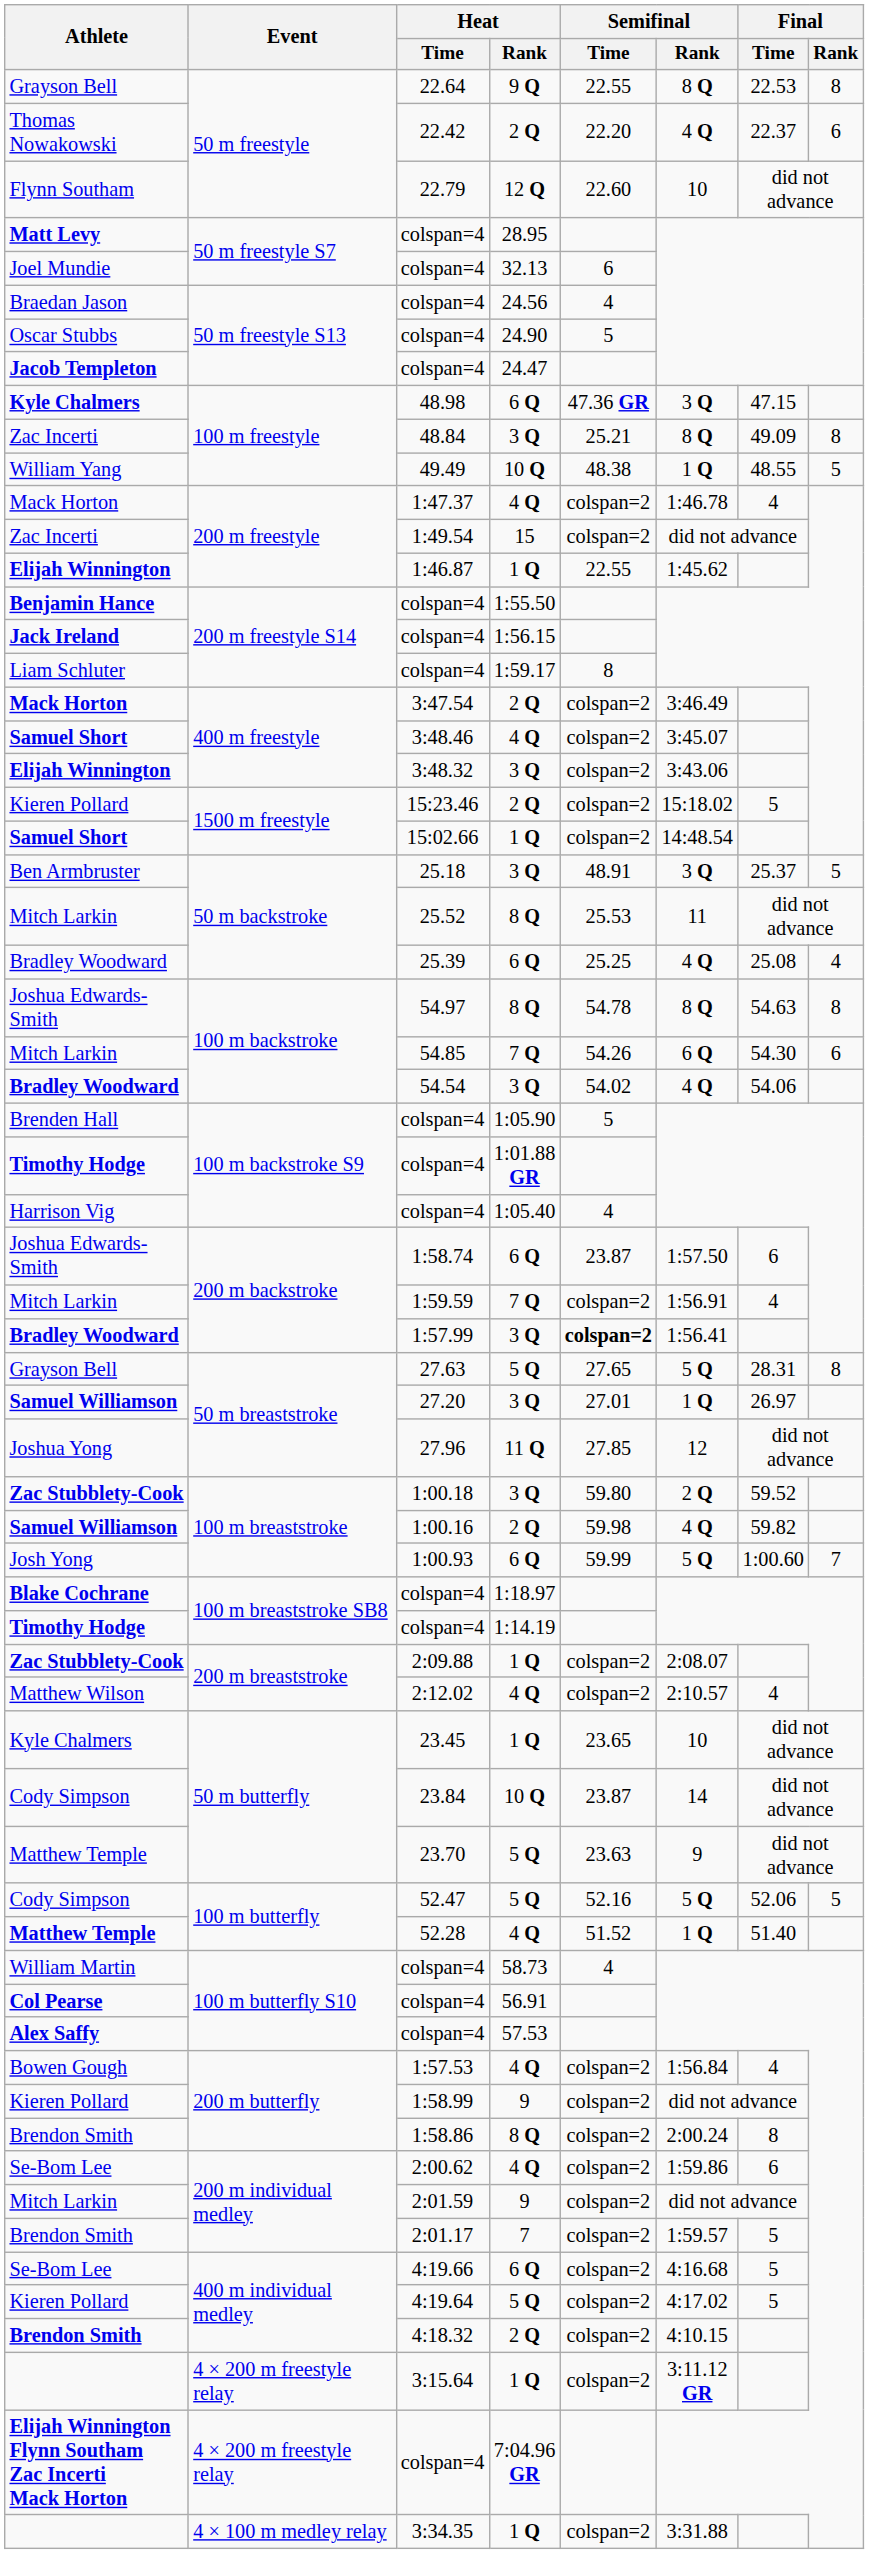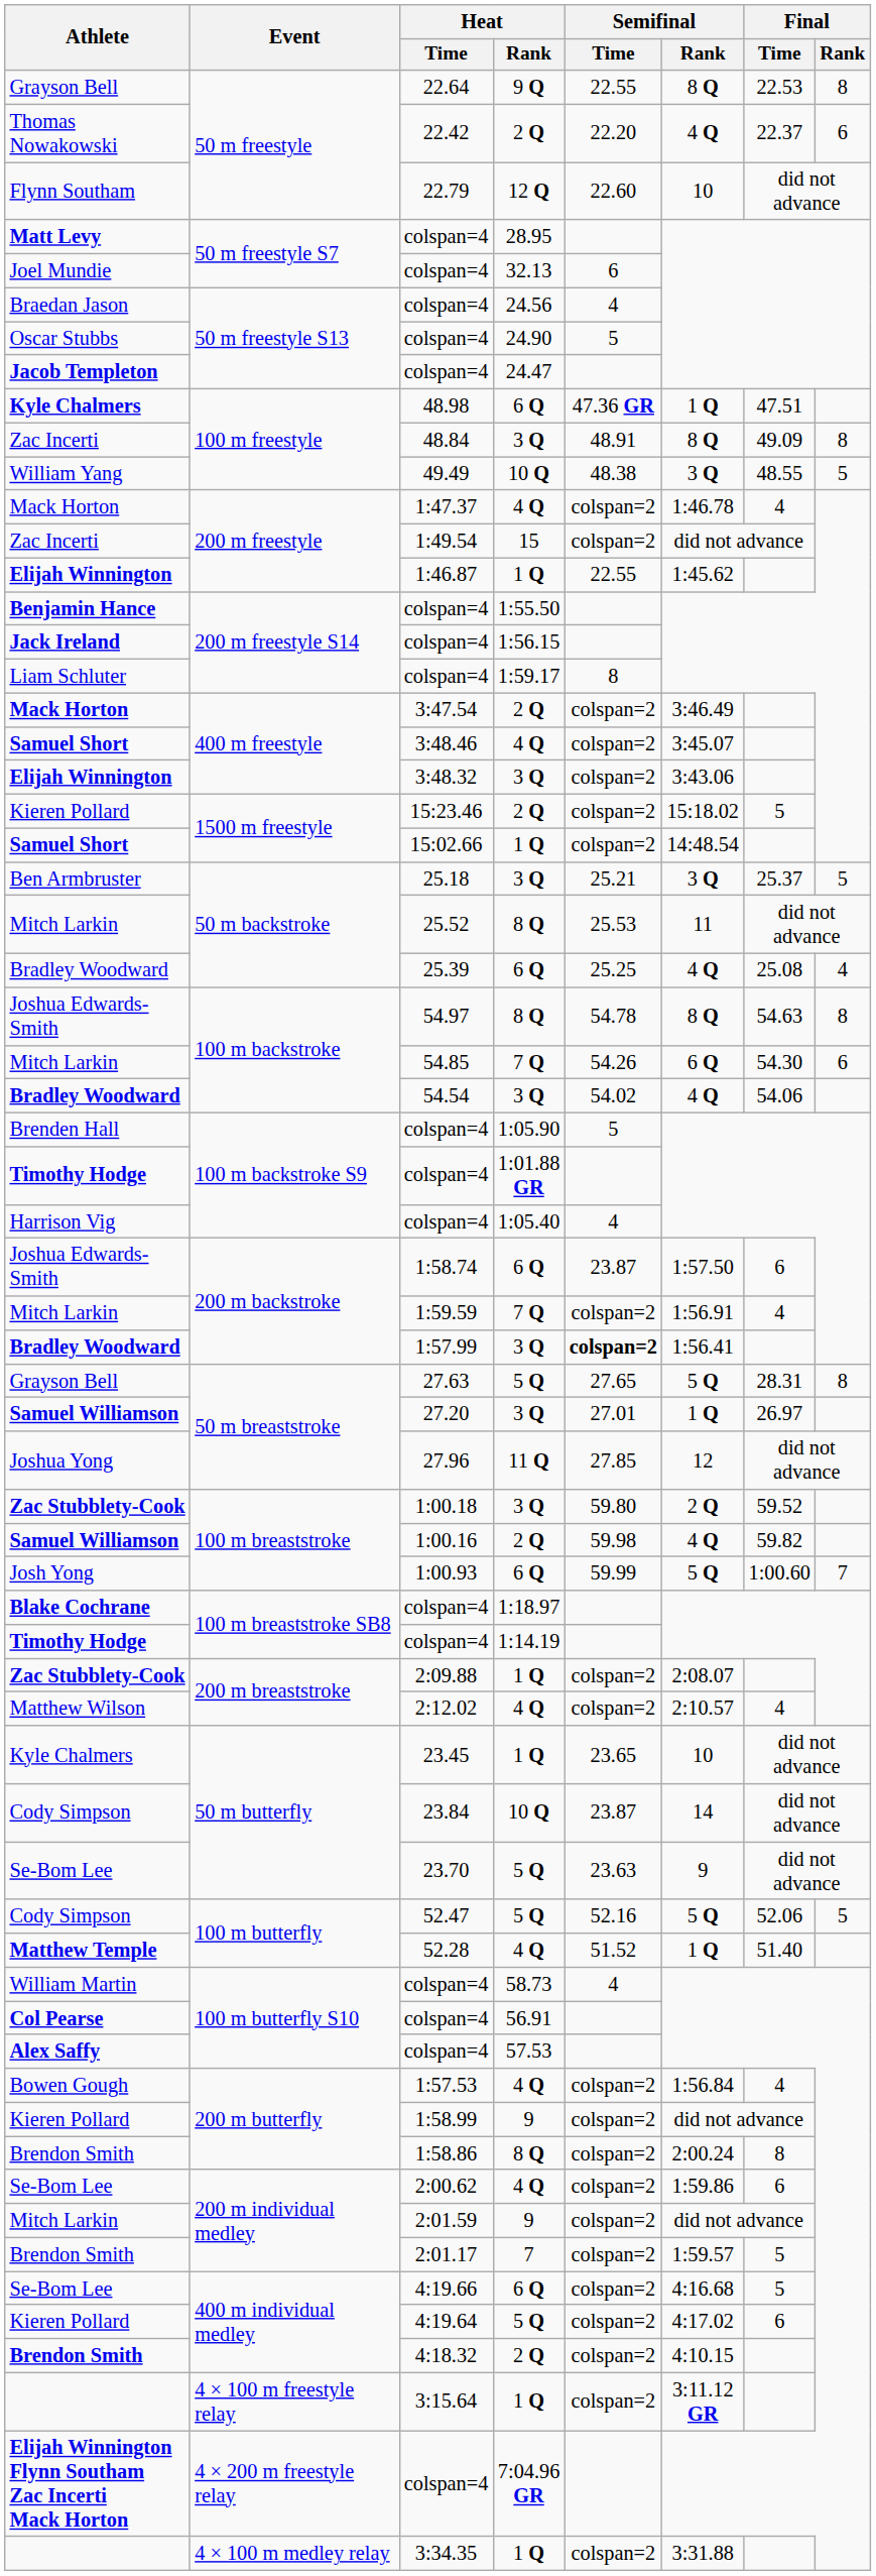 <table class=wikitable style=font-size:90%>
 <tr>
 <th rowspan=2 width=130>Athlete</th>
 <th rowspan=2 width=150>Event</th>
 <th colspan=2>Heat</th>
 <th colspan=2>Semifinal</th>
 <th colspan=2>Final</th>
 </tr>
 <tr style=font-size:95%>
 <th>Time</th>
 <th>Rank</th>
 <th>Time</th>
 <th>Rank</th>
 <th>Time</th>
 <th>Rank</th>
 </tr>
 <tr align=center>
 <td align=left><a href='#'>Grayson Bell</a></td>
 <td style="text-align:left;" rowspan="3"><a href='#'>50 m freestyle</a></td>
 <td>22.64</td>
 <td>9 <strong>Q</strong></td>
 <td>22.55</td>
 <td>8 <strong>Q</strong></td>
 <td>22.53</td>
 <td>8</td>
 </tr>
 <tr align=center>
 <td align=left><a href='#'>Thomas Nowakowski</a></td>
 <td>22.42</td>
 <td>2 <strong>Q</strong></td>
 <td>22.20</td>
 <td>4 <strong>Q</strong></td>
 <td>22.37</td>
 <td>6</td>
 </tr>
 <tr align=center>
 <td align=left><a href='#'>Flynn Southam</a></td>
 <td>22.79</td>
 <td>12 <strong>Q</strong></td>
 <td>22.60</td>
 <td>10</td>
 <td colspan=2>did not advance</td>
 </tr>
 <tr align=center>
 <td align=left><strong><a href='#'>Matt Levy</a></strong></td>
 <td style="text-align:left;" rowspan="2"><a href='#'>50 m freestyle S7</a></td>
 <td>colspan=4 </td>
 <td>28.95</td>
 <td></td>
 </tr>
 <tr align=center>
 <td align=left><a href='#'>Joel Mundie</a></td>
 <td>colspan=4 </td>
 <td>32.13</td>
 <td>6</td>
 </tr>
 <tr align=center>
 <td align=left><a href='#'>Braedan Jason</a></td>
 <td style="text-align:left;" rowspan="3"><a href='#'>50 m freestyle S13</a></td>
 <td>colspan=4 </td>
 <td>24.56</td>
 <td>4</td>
 </tr>
 <tr align=center>
 <td align=left><a href='#'>Oscar Stubbs</a></td>
 <td>colspan=4 </td>
 <td>24.90</td>
 <td>5</td>
 </tr>
 <tr align=center>
 <td align=left><strong><a href='#'>Jacob Templeton</a></strong></td>
 <td>colspan=4 </td>
 <td>24.47</td>
 <td></td>
 </tr>
 <tr align=center>
 <td align=left><strong><a href='#'>Kyle Chalmers</a></strong></td>
 <td style="text-align:left;" rowspan="3"><a href='#'>100 m freestyle</a></td>
 <td>48.98</td>
 <td>6 <strong>Q</strong></td>
 <td>47.36 <a href='#'><strong>GR</strong></a></td>
-<td>3 <strong>Q</strong></td>
-<td>47.15</td>
+<td>1 <strong>Q</strong></td>
+<td>47.51</td>
 <td></td>
 </tr>
 <tr align=center>
 <td align=left><a href='#'>Zac Incerti</a></td>
 <td>48.84</td>
 <td>3 <strong>Q</strong></td>
-<td>25.21</td>
+<td>48.91</td>
 <td>8 <strong>Q</strong></td>
 <td>49.09</td>
 <td>8</td>
 </tr>
 <tr align=center>
 <td align=left><a href='#'>William Yang</a></td>
 <td>49.49</td>
 <td>10 <strong>Q</strong></td>
 <td>48.38</td>
-<td>1 <strong>Q</strong></td>
+<td>3 <strong>Q</strong></td>
 <td>48.55</td>
 <td>5</td>
 </tr>
 <tr align=center>
 <td align=left><a href='#'>Mack Horton</a></td>
 <td style="text-align:left;" rowspan="3"><a href='#'>200 m freestyle</a></td>
 <td>1:47.37</td>
 <td>4 <strong>Q</strong></td>
 <td>colspan=2 </td>
 <td>1:46.78</td>
 <td>4</td>
 </tr>
 <tr align=center>
 <td align=left><a href='#'>Zac Incerti</a></td>
 <td>1:49.54</td>
 <td>15</td>
 <td>colspan=2 </td>
 <td colspan=2>did not advance</td>
 </tr>
 <tr align=center>
 <td align=left><strong><a href='#'>Elijah Winnington</a></strong></td>
 <td>1:46.87</td>
 <td>1 <strong>Q</strong></td>
 <td>22.55</td>
 <td>1:45.62</td>
 <td></td>
 </tr>
 <tr align=center>
 <td align=left><strong><a href='#'>Benjamin Hance</a></strong></td>
 <td style="text-align:left;" rowspan="3"><a href='#'>200 m freestyle S14</a></td>
 <td>colspan=4 </td>
 <td>1:55.50</td>
 <td></td>
 </tr>
 <tr align=center>
 <td align=left><strong><a href='#'>Jack Ireland</a></strong></td>
 <td>colspan=4 </td>
 <td>1:56.15</td>
 <td></td>
 </tr>
 <tr align=center>
 <td align=left><a href='#'>Liam Schluter</a></td>
 <td>colspan=4 </td>
 <td>1:59.17</td>
 <td>8</td>
 </tr>
 <tr align=center>
 <td align=left><strong><a href='#'>Mack Horton</a></strong></td>
 <td style="text-align:left;" rowspan="3"><a href='#'>400 m freestyle</a></td>
 <td>3:47.54</td>
 <td>2 <strong>Q</strong></td>
 <td>colspan=2 </td>
 <td>3:46.49</td>
 <td></td>
 </tr>
 <tr align=center>
 <td align=left><strong><a href='#'>Samuel Short</a></strong></td>
 <td>3:48.46</td>
 <td>4 <strong>Q</strong></td>
 <td>colspan=2 </td>
 <td>3:45.07</td>
 <td></td>
 </tr>
 <tr align=center>
 <td align=left><strong><a href='#'>Elijah Winnington</a></strong></td>
 <td>3:48.32</td>
 <td>3 <strong>Q</strong></td>
 <td>colspan=2 </td>
 <td>3:43.06</td>
 <td></td>
 </tr>
 <tr align=center>
 <td align=left><a href='#'>Kieren Pollard</a></td>
 <td style="text-align:left;" rowspan="2"><a href='#'>1500 m freestyle</a></td>
 <td>15:23.46</td>
 <td>2 <strong>Q</strong></td>
 <td>colspan=2 </td>
 <td>15:18.02</td>
 <td>5</td>
 </tr>
 <tr align=center>
 <td align=left><strong><a href='#'>Samuel Short</a></strong></td>
 <td>15:02.66</td>
 <td>1 <strong>Q</strong></td>
 <td>colspan=2 </td>
 <td>14:48.54</td>
 <td></td>
 </tr>
 <tr align=center>
 <td align=left><a href='#'>Ben Armbruster</a></td>
 <td style="text-align:left;" rowspan="3"><a href='#'>50 m backstroke</a></td>
 <td>25.18</td>
 <td>3 <strong>Q</strong></td>
-<td>48.91</td>
+<td>25.21</td>
 <td>3 <strong>Q</strong></td>
 <td>25.37</td>
 <td>5</td>
 </tr>
 <tr align=center>
 <td align=left><a href='#'>Mitch Larkin</a></td>
 <td>25.52</td>
 <td>8 <strong>Q</strong></td>
 <td>25.53</td>
 <td>11</td>
 <td colspan=2>did not advance</td>
 </tr>
 <tr align=center>
 <td align=left><a href='#'>Bradley Woodward</a></td>
 <td>25.39</td>
 <td>6 <strong>Q</strong></td>
 <td>25.25</td>
 <td>4 <strong>Q</strong></td>
 <td>25.08</td>
 <td>4</td>
 </tr>
 <tr align=center>
 <td align=left><a href='#'>Joshua Edwards-Smith</a></td>
 <td style="text-align:left;" rowspan="3"><a href='#'>100 m backstroke</a></td>
 <td>54.97</td>
 <td>8 <strong>Q</strong></td>
 <td>54.78</td>
 <td>8 <strong>Q</strong></td>
 <td>54.63</td>
 <td>8</td>
 </tr>
 <tr align=center>
 <td align=left><a href='#'>Mitch Larkin</a></td>
 <td>54.85</td>
 <td>7 <strong>Q</strong></td>
 <td>54.26</td>
 <td>6 <strong>Q</strong></td>
 <td>54.30</td>
 <td>6</td>
 </tr>
 <tr align=center>
 <td align=left><strong><a href='#'>Bradley Woodward</a></strong></td>
 <td>54.54</td>
 <td>3 <strong>Q</strong></td>
 <td>54.02</td>
 <td>4 <strong>Q</strong></td>
 <td>54.06</td>
 <td></td>
 </tr>
 <tr align=center>
 <td align=left><a href='#'>Brenden Hall</a></td>
 <td style="text-align:left;" rowspan="3"><a href='#'>100 m backstroke S9</a></td>
 <td>colspan=4 </td>
 <td>1:05.90</td>
 <td>5</td>
 </tr>
 <tr align=center>
 <td align=left><strong><a href='#'>Timothy Hodge</a></strong></td>
 <td>colspan=4 </td>
 <td>1:01.88 <a href='#'><strong>GR</strong></a></td>
 <td></td>
 </tr>
 <tr align=center>
 <td align=left><a href='#'>Harrison Vig</a></td>
 <td>colspan=4 </td>
 <td>1:05.40</td>
 <td>4</td>
 </tr>
 <tr align=center>
 <td align=left><a href='#'>Joshua Edwards-Smith</a></td>
 <td style="text-align:left;" rowspan="3"><a href='#'>200 m backstroke</a></td>
 <td>1:58.74</td>
 <td>6 <strong>Q</strong></td>
 <td>23.87</td>
 <td>1:57.50</td>
 <td>6</td>
 </tr>
 <tr align=center>
 <td align=left><a href='#'>Mitch Larkin</a></td>
 <td>1:59.59</td>
 <td>7 <strong>Q</strong></td>
 <td>colspan=2 </td>
 <td>1:56.91</td>
 <td>4</td>
 </tr>
 <tr align=center>
 <td align=left><strong><a href='#'>Bradley Woodward</a></strong></td>
 <td>1:57.99</td>
 <td>3 <strong>Q</strong></td>
 <td><strong>colspan=2 </strong></td>
 <td>1:56.41</td>
 <td></td>
 </tr>
 <tr align=center>
 <td align=left><a href='#'>Grayson Bell</a></td>
 <td style="text-align:left;" rowspan="3"><a href='#'>50 m breaststroke</a></td>
 <td>27.63</td>
 <td>5 <strong>Q</strong></td>
 <td>27.65</td>
 <td>5 <strong>Q</strong></td>
 <td>28.31</td>
 <td>8</td>
 </tr>
 <tr align=center>
 <td align=left><strong><a href='#'>Samuel Williamson</a></strong></td>
 <td>27.20</td>
 <td>3 <strong>Q</strong></td>
 <td>27.01</td>
 <td>1 <strong>Q</strong></td>
 <td>26.97</td>
 <td></td>
 </tr>
 <tr align=center>
 <td align=left><a href='#'>Joshua Yong</a></td>
 <td>27.96</td>
 <td>11 <strong>Q</strong></td>
 <td>27.85</td>
 <td>12</td>
 <td colspan=2>did not advance</td>
 </tr>
 <tr align=center>
 <td align=left><strong><a href='#'>Zac Stubblety-Cook</a></strong></td>
 <td style="text-align:left;" rowspan="3"><a href='#'>100 m breaststroke</a></td>
 <td>1:00.18</td>
 <td>3 <strong>Q</strong></td>
 <td>59.80</td>
 <td>2 <strong>Q</strong></td>
 <td>59.52</td>
 <td></td>
 </tr>
 <tr align=center>
 <td align=left><strong><a href='#'>Samuel Williamson</a></strong></td>
 <td>1:00.16</td>
 <td>2 <strong>Q</strong></td>
 <td>59.98</td>
 <td>4 <strong>Q</strong></td>
 <td>59.82</td>
 <td></td>
 </tr>
 <tr align=center>
 <td align=left><a href='#'>Josh Yong</a></td>
 <td>1:00.93</td>
 <td>6 <strong>Q</strong></td>
 <td>59.99</td>
 <td>5 <strong>Q</strong></td>
 <td>1:00.60</td>
 <td>7</td>
 </tr>
 <tr align=center>
 <td align=left><strong><a href='#'>Blake Cochrane</a></strong></td>
 <td style="text-align:left;" rowspan="2"><a href='#'>100 m breaststroke SB8</a></td>
 <td>colspan=4 </td>
 <td>1:18.97</td>
 <td></td>
 </tr>
 <tr align=center>
 <td align=left><strong><a href='#'>Timothy Hodge</a></strong></td>
 <td>colspan=4 </td>
 <td>1:14.19</td>
 <td></td>
 </tr>
 <tr align=center>
 <td align=left><strong><a href='#'>Zac Stubblety-Cook</a></strong></td>
 <td style="text-align:left;" rowspan="2"><a href='#'>200 m breaststroke</a></td>
 <td>2:09.88</td>
 <td>1 <strong>Q</strong></td>
 <td>colspan=2 </td>
 <td>2:08.07</td>
 <td></td>
 </tr>
 <tr align=center>
 <td align=left><a href='#'>Matthew Wilson</a></td>
 <td>2:12.02</td>
 <td>4 <strong>Q</strong></td>
 <td>colspan=2 </td>
 <td>2:10.57</td>
 <td>4</td>
 </tr>
 <tr align=center>
 <td align=left><a href='#'>Kyle Chalmers</a></td>
 <td style="text-align:left;" rowspan="3"><a href='#'>50 m butterfly</a></td>
 <td>23.45</td>
 <td>1 <strong>Q</strong></td>
 <td>23.65</td>
 <td>10</td>
 <td colspan=2>did not advance</td>
 </tr>
 <tr align=center>
 <td align=left><a href='#'>Cody Simpson</a></td>
 <td>23.84</td>
 <td>10 <strong>Q</strong></td>
 <td>23.87</td>
 <td>14</td>
 <td colspan=2>did not advance</td>
 </tr>
 <tr align=center>
-<td align=left><a href='#'>Matthew Temple</a></td>
+<td align=left><a href='#'>Se-Bom Lee</a></td>
 <td>23.70</td>
 <td>5 <strong>Q</strong></td>
 <td>23.63</td>
 <td>9</td>
 <td colspan=2>did not advance</td>
 </tr>
 <tr align=center>
 <td align=left><a href='#'>Cody Simpson</a></td>
 <td style="text-align:left;" rowspan="2"><a href='#'>100 m butterfly</a></td>
 <td>52.47</td>
 <td>5 <strong>Q</strong></td>
 <td>52.16</td>
 <td>5 <strong>Q</strong></td>
 <td>52.06</td>
 <td>5</td>
 </tr>
 <tr align=center>
 <td align=left><strong><a href='#'>Matthew Temple</a></strong></td>
 <td>52.28</td>
 <td>4 <strong>Q</strong></td>
 <td>51.52</td>
 <td>1 <strong>Q</strong></td>
 <td>51.40</td>
 <td></td>
 </tr>
 <tr align=center>
 <td align=left><a href='#'>William Martin</a></td>
 <td style="text-align:left;" rowspan="3"><a href='#'>100 m butterfly S10</a></td>
 <td>colspan=4 </td>
 <td>58.73</td>
 <td>4</td>
 </tr>
 <tr align=center>
 <td align=left><strong><a href='#'>Col Pearse</a></strong></td>
 <td>colspan=4 </td>
 <td>56.91</td>
 <td></td>
 </tr>
 <tr align=center>
 <td align=left><strong><a href='#'>Alex Saffy</a></strong></td>
 <td>colspan=4 </td>
 <td>57.53</td>
 <td></td>
 </tr>
 <tr align=center>
 <td align=left><a href='#'>Bowen Gough</a></td>
 <td style="text-align:left;" rowspan="3"><a href='#'>200 m butterfly</a></td>
 <td>1:57.53</td>
 <td>4 <strong>Q</strong></td>
 <td>colspan=2 </td>
 <td>1:56.84</td>
 <td>4</td>
 </tr>
 <tr align=center>
 <td align=left><a href='#'>Kieren Pollard</a></td>
 <td>1:58.99</td>
 <td>9</td>
 <td>colspan=2 </td>
 <td colspan=2>did not advance</td>
 </tr>
 <tr align=center>
 <td align=left><a href='#'>Brendon Smith</a></td>
 <td>1:58.86</td>
 <td>8 <strong>Q</strong></td>
 <td>colspan=2 </td>
 <td>2:00.24</td>
 <td>8</td>
 </tr>
 <tr align=center>
 <td align=left><a href='#'>Se-Bom Lee</a></td>
 <td style="text-align:left;" rowspan="3"><a href='#'>200 m individual medley</a></td>
 <td>2:00.62</td>
 <td>4 <strong>Q</strong></td>
 <td>colspan=2 </td>
 <td>1:59.86</td>
 <td>6</td>
 </tr>
 <tr align=center>
 <td align=left><a href='#'>Mitch Larkin</a></td>
 <td>2:01.59</td>
 <td>9</td>
 <td>colspan=2 </td>
 <td colspan=2>did not advance</td>
 </tr>
 <tr align=center>
 <td align=left><a href='#'>Brendon Smith</a></td>
 <td>2:01.17</td>
 <td>7</td>
 <td>colspan=2 </td>
 <td>1:59.57</td>
 <td>5</td>
 </tr>
 <tr align=center>
 <td align=left><a href='#'>Se-Bom Lee</a></td>
 <td style="text-align:left;" rowspan="3"><a href='#'>400 m individual medley</a></td>
 <td>4:19.66</td>
 <td>6 <strong>Q</strong></td>
 <td>colspan=2 </td>
 <td>4:16.68</td>
 <td>5</td>
 </tr>
 <tr align=center>
 <td align=left><a href='#'>Kieren Pollard</a></td>
 <td>4:19.64</td>
 <td>5 <strong>Q</strong></td>
 <td>colspan=2 </td>
 <td>4:17.02</td>
-<td>5</td>
+<td>6</td>
 </tr>
 <tr align=center>
 <td align=left><strong><a href='#'>Brendon Smith</a></strong></td>
 <td>4:18.32</td>
 <td>2 <strong>Q</strong></td>
 <td>colspan=2 </td>
 <td>4:10.15</td>
 <td></td>
 </tr>
 <tr align=center>
 <td></td>
-<td align=left><a href='#'>4 × 200 m freestyle relay</a></td>
+<td align=left><a href='#'>4 × 100 m freestyle relay</a></td>
 <td>3:15.64</td>
 <td>1 <strong>Q</strong></td>
 <td>colspan=2 </td>
 <td>3:11.12 <a href='#'><strong>GR</strong></a></td>
 <td></td>
 </tr>
 <tr align=center>
 <td align=left><strong><a href='#'>Elijah Winnington</a><br><a href='#'>Flynn Southam</a> <br><a href='#'>Zac Incerti</a> <br><a href='#'>Mack Horton</a></strong></td>
 <td align=left><a href='#'>4 × 200 m freestyle relay</a></td>
 <td>colspan=4 </td>
 <td>7:04.96 <a href='#'><strong>GR</strong></a></td>
 <td></td>
 </tr>
 <tr align=center>
 <td></td>
 <td align=left><a href='#'>4 × 100 m medley relay</a></td>
 <td>3:34.35</td>
 <td>1 <strong>Q</strong></td>
 <td>colspan=2 </td>
 <td>3:31.88</td>
 <td></td>
 </tr>
 </table>
